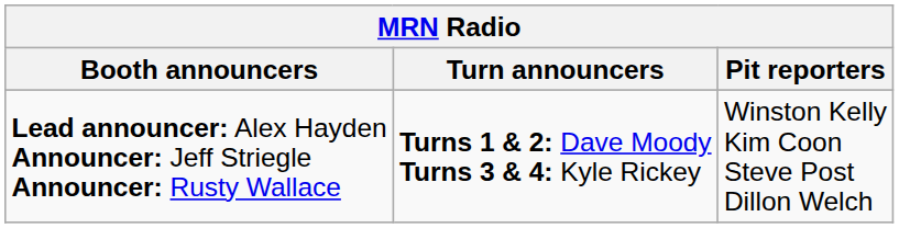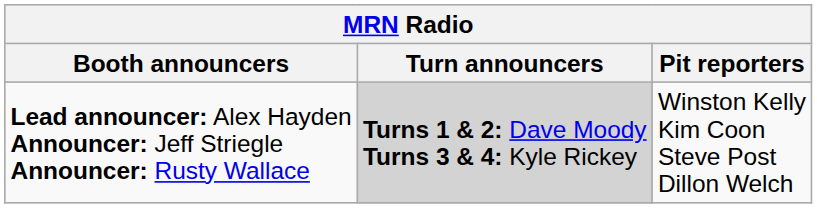 <table class="wikitable" style="font-size: 95%;">
 <tr>
 <th colspan="3"><a href='#'>MRN</a> Radio</th>
 </tr>
 <tr>
 <th>Booth announcers</th>
 <th>Turn announcers</th>
 <th>Pit reporters</th>
 </tr>
 <tr>
 <td><strong>Lead announcer:</strong> Alex Hayden<br><strong>Announcer:</strong> Jeff Striegle<br><strong>Announcer:</strong> <a href='#'>Rusty Wallace</a></td>
-<td><strong>Turns 1 & 2:</strong> <a href='#'>Dave Moody</a><br><strong>Turns 3 & 4:</strong> Kyle Rickey</td>
+<td style="background: lightgrey;"><strong>Turns 1 & 2:</strong> <a href='#'>Dave Moody</a><br><strong>Turns 3 & 4:</strong> Kyle Rickey</td>
 <td>Winston Kelly<br>Kim Coon<br>Steve Post<br>Dillon Welch</td>
 </tr>
 </table>
